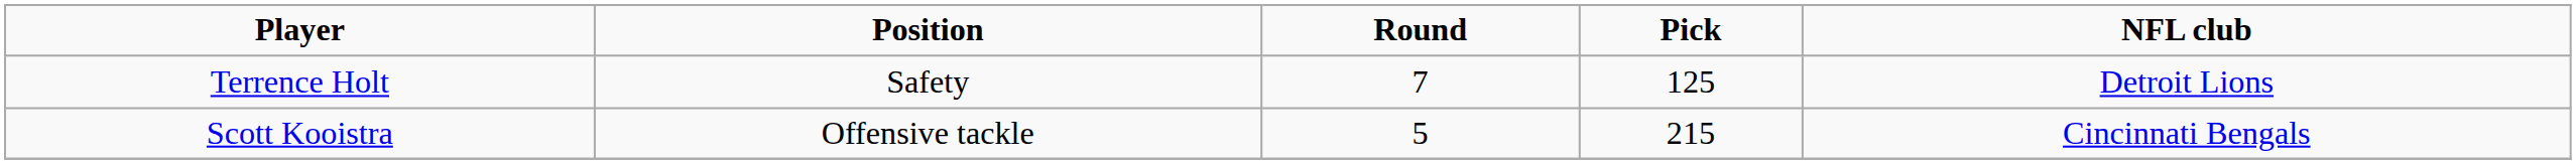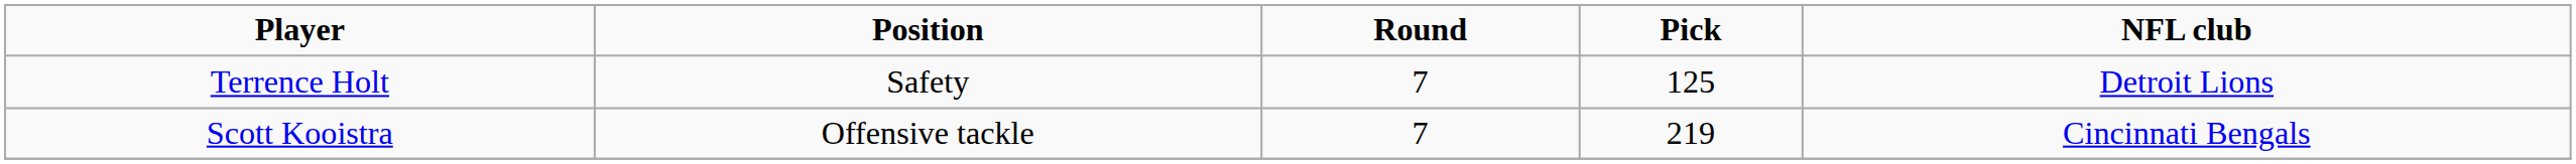 <table class="wikitable" width="80%">
 <tr align="center">
 <td><strong>Player</strong></td>
 <td><strong>Position</strong></td>
 <td><strong>Round</strong></td>
 <td><strong>Pick</strong></td>
 <td><strong>NFL club</strong></td>
 </tr>
 <tr align="center" bgcolor="">
 <td><a href='#'>Terrence Holt</a></td>
 <td>Safety</td>
 <td>7</td>
 <td>125</td>
 <td><a href='#'>Detroit Lions</a></td>
 </tr>
 <tr align="center" bgcolor="">
 <td><a href='#'>Scott Kooistra</a></td>
 <td>Offensive tackle</td>
-<td>5</td>
-<td>215</td>
+<td>7</td>
+<td>219</td>
 <td><a href='#'>Cincinnati Bengals</a></td>
 </tr>
 <tr align="center" bgcolor="">
 </tr>
 </table>
